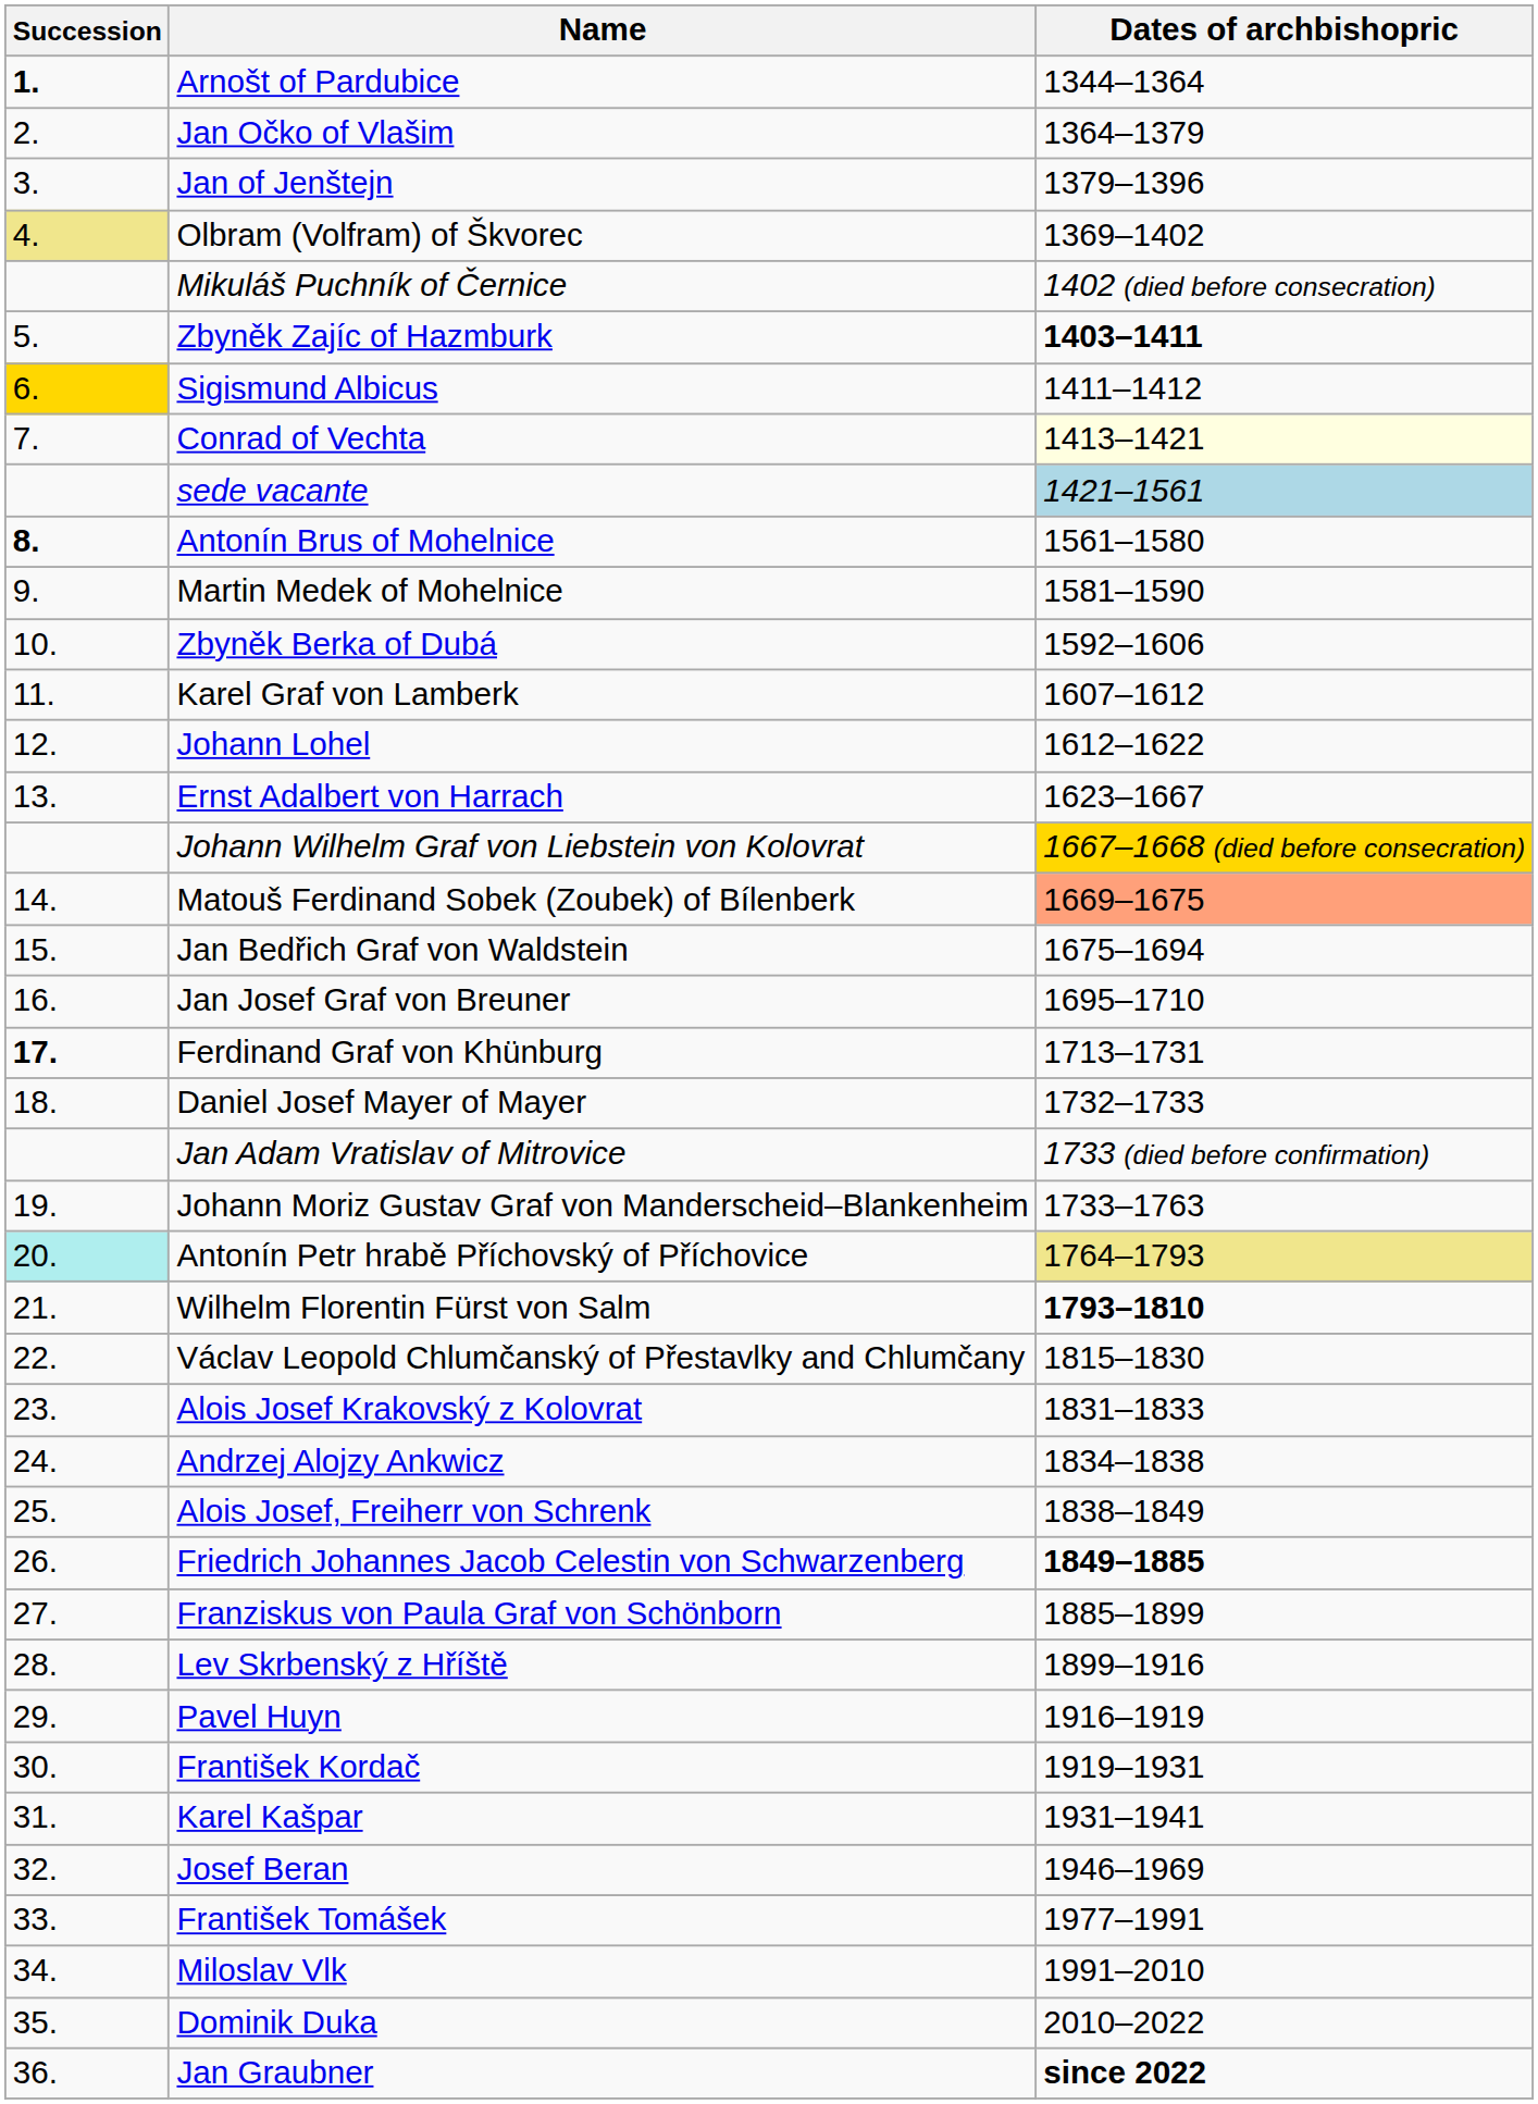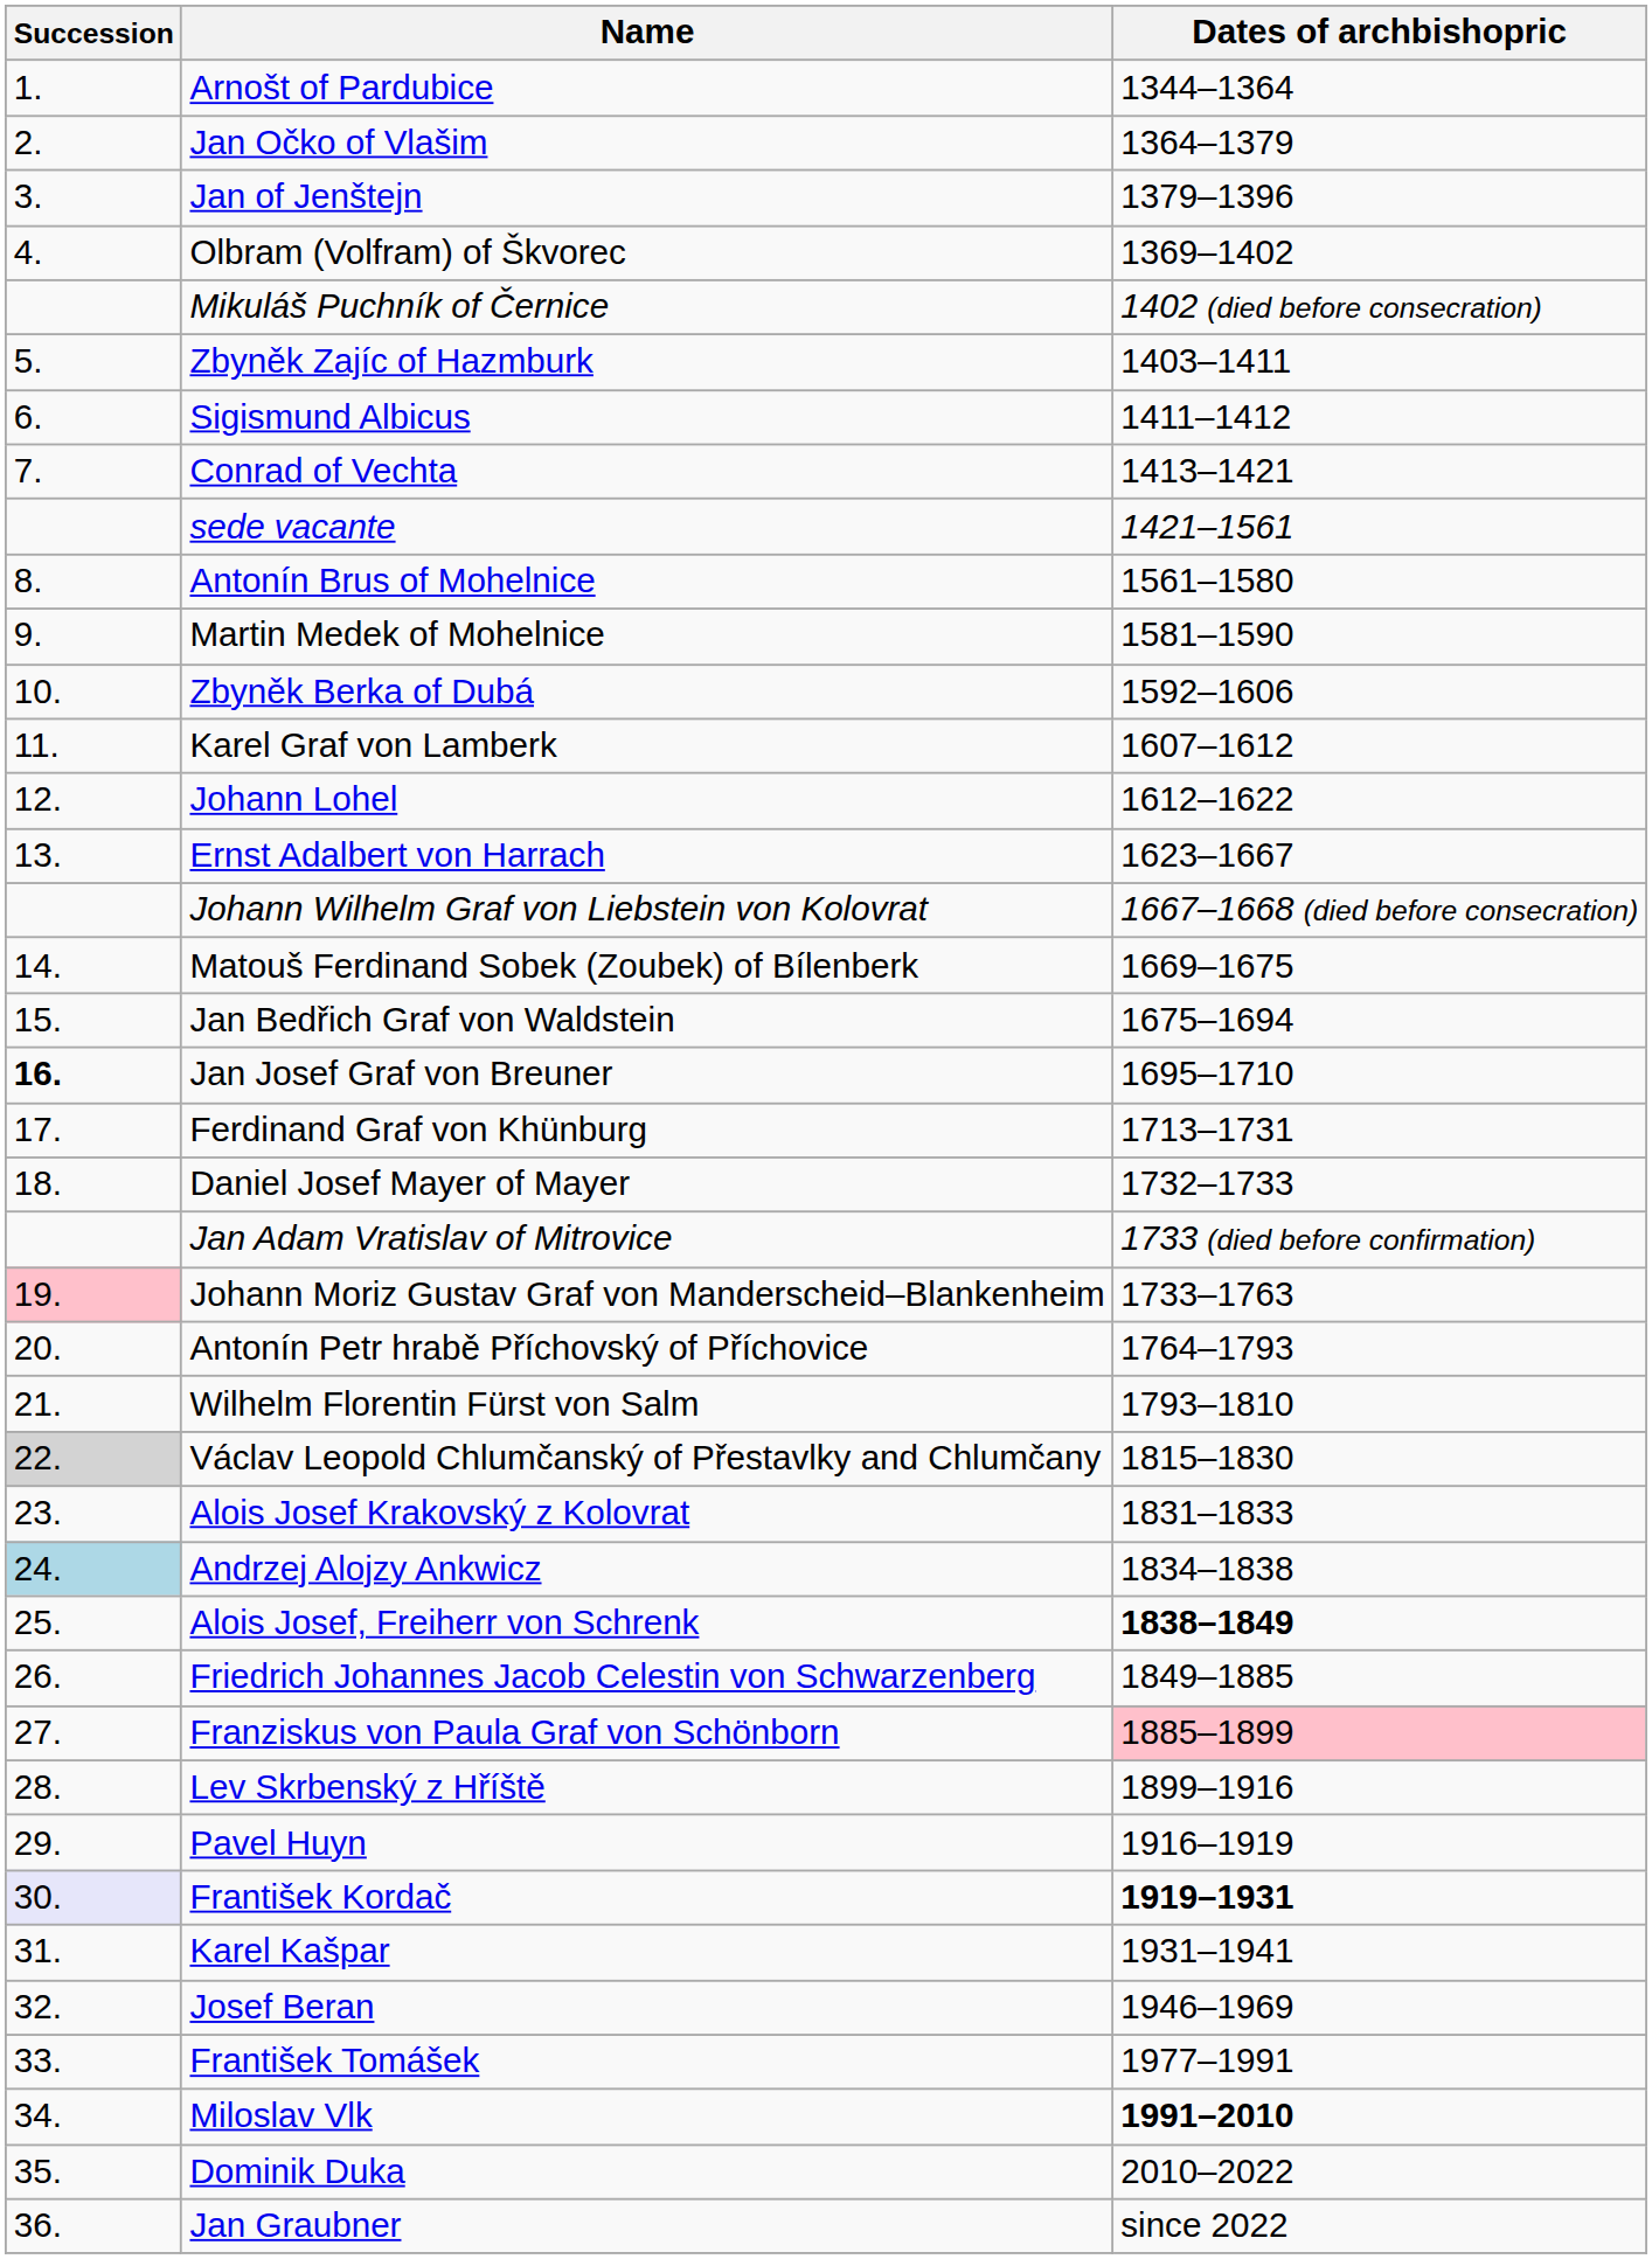 <table class="wikitable">
 <tr>
 <th><small>Succession</small></th>
 <th>Name</th>
 <th>Dates of archbishopric</th>
 </tr>
 <tr>
-<td><strong>1.</strong></td>
+<td>1.</td>
 <td><a href='#'>Arnošt of Pardubice</a></td>
 <td>1344–1364</td>
 </tr>
 <tr>
 <td>2.</td>
 <td><a href='#'>Jan Očko of Vlašim</a></td>
 <td>1364–1379</td>
 </tr>
 <tr>
 <td>3.</td>
 <td><a href='#'>Jan of Jenštejn</a></td>
 <td>1379–1396</td>
 </tr>
 <tr>
-<td style="background: khaki;">4.</td>
+<td>4.</td>
 <td>Olbram (Volfram) of Škvorec</td>
 <td>1369–1402</td>
 </tr>
 <tr style="font-style:italic;">
 <td></td>
 <td>Mikuláš Puchník of Černice</td>
 <td>1402 <small>(died before consecration)</small></td>
 </tr>
 <tr>
 <td>5.</td>
 <td><a href='#'>Zbyněk Zajíc of Hazmburk</a></td>
-<td><strong>1403–1411</strong></td>
+<td>1403–1411</td>
 </tr>
 <tr>
-<td style="background: gold;">6.</td>
+<td>6.</td>
 <td><a href='#'>Sigismund Albicus</a></td>
 <td>1411–1412</td>
 </tr>
 <tr>
 <td>7.</td>
 <td><a href='#'>Conrad of Vechta</a></td>
-<td style="background: lightyellow;">1413–1421</td>
+<td>1413–1421</td>
 </tr>
 <tr style="font-style:italic;">
 <td></td>
 <td><a href='#'>sede vacante</a></td>
-<td style="background: lightblue;">1421–1561</td>
+<td>1421–1561</td>
 </tr>
 <tr>
-<td><strong>8.</strong></td>
+<td>8.</td>
 <td><a href='#'>Antonín Brus of Mohelnice</a></td>
 <td>1561–1580</td>
 </tr>
 <tr>
 <td>9.</td>
 <td>Martin Medek of Mohelnice</td>
 <td>1581–1590</td>
 </tr>
 <tr>
 <td>10.</td>
 <td><a href='#'>Zbyněk Berka of Dubá</a></td>
 <td>1592–1606</td>
 </tr>
 <tr>
 <td>11.</td>
 <td>Karel Graf von Lamberk</td>
 <td>1607–1612</td>
 </tr>
 <tr>
 <td>12.</td>
 <td><a href='#'>Johann Lohel</a></td>
 <td>1612–1622</td>
 </tr>
 <tr>
 <td>13.</td>
 <td><a href='#'>Ernst Adalbert von Harrach</a></td>
 <td>1623–1667</td>
 </tr>
 <tr style="font-style:italic;">
 <td></td>
 <td>Johann Wilhelm Graf von Liebstein von Kolovrat</td>
-<td style="background: gold;">1667–1668 <small>(died before consecration)</small></td>
+<td>1667–1668 <small>(died before consecration)</small></td>
 </tr>
 <tr>
 <td>14.</td>
 <td>Matouš Ferdinand Sobek (Zoubek) of Bílenberk</td>
-<td style="background: lightsalmon;">1669–1675</td>
+<td>1669–1675</td>
 </tr>
 <tr>
 <td>15.</td>
 <td>Jan Bedřich Graf von Waldstein</td>
 <td>1675–1694</td>
 </tr>
 <tr>
-<td>16.</td>
+<td><strong>16.</strong></td>
 <td>Jan Josef Graf von Breuner</td>
 <td>1695–1710</td>
 </tr>
 <tr>
-<td><strong>17.</strong></td>
+<td>17.</td>
 <td>Ferdinand Graf von Khünburg</td>
 <td>1713–1731</td>
 </tr>
 <tr>
 <td>18.</td>
 <td>Daniel Josef Mayer of Mayer</td>
 <td>1732–1733</td>
 </tr>
 <tr style="font-style:italic;">
 <td></td>
 <td>Jan Adam Vratislav of Mitrovice</td>
 <td>1733 <small>(died before confirmation)</small></td>
 </tr>
 <tr>
-<td>19.</td>
+<td style="background: pink;">19.</td>
 <td>Johann Moriz Gustav Graf von Manderscheid–Blankenheim</td>
 <td>1733–1763</td>
 </tr>
 <tr>
-<td style="background: paleturquoise;">20.</td>
+<td>20.</td>
 <td>Antonín Petr hrabě Příchovský of Příchovice</td>
-<td style="background: khaki;">1764–1793</td>
+<td>1764–1793</td>
 </tr>
 <tr>
 <td>21.</td>
 <td>Wilhelm Florentin Fürst von Salm</td>
-<td><strong>1793–1810</strong></td>
+<td>1793–1810</td>
 </tr>
 <tr>
-<td>22.</td>
+<td style="background: lightgrey;">22.</td>
 <td>Václav Leopold Chlumčanský of Přestavlky and Chlumčany</td>
 <td>1815–1830</td>
 </tr>
 <tr>
 <td>23.</td>
 <td><a href='#'>Alois Josef Krakovský z Kolovrat</a></td>
 <td>1831–1833</td>
 </tr>
 <tr>
-<td>24.</td>
+<td style="background: lightblue;">24.</td>
 <td><a href='#'>Andrzej Alojzy Ankwicz</a></td>
 <td>1834–1838</td>
 </tr>
 <tr>
 <td>25.</td>
 <td><a href='#'>Alois Josef, Freiherr von Schrenk</a></td>
-<td>1838–1849</td>
+<td><strong>1838–1849</strong></td>
 </tr>
 <tr>
 <td>26.</td>
 <td><a href='#'>Friedrich Johannes Jacob Celestin von Schwarzenberg</a></td>
-<td><strong>1849–1885</strong></td>
+<td>1849–1885</td>
 </tr>
 <tr>
 <td>27.</td>
 <td><a href='#'>Franziskus von Paula Graf von Schönborn</a></td>
-<td>1885–1899</td>
+<td style="background: pink;">1885–1899</td>
 </tr>
 <tr>
 <td>28.</td>
 <td><a href='#'>Lev Skrbenský z Hříště</a></td>
 <td>1899–1916</td>
 </tr>
 <tr>
 <td>29.</td>
 <td><a href='#'>Pavel Huyn</a></td>
 <td>1916–1919</td>
 </tr>
 <tr>
-<td>30.</td>
+<td style="background: lavender;">30.</td>
 <td><a href='#'>František Kordač</a></td>
-<td>1919–1931</td>
+<td><strong>1919–1931</strong></td>
 </tr>
 <tr>
 <td>31.</td>
 <td><a href='#'>Karel Kašpar</a></td>
 <td>1931–1941</td>
 </tr>
 <tr>
 <td>32.</td>
 <td><a href='#'>Josef Beran</a></td>
 <td>1946–1969</td>
 </tr>
 <tr>
 <td>33.</td>
 <td><a href='#'>František Tomášek</a></td>
 <td>1977–1991</td>
 </tr>
 <tr>
 <td>34.</td>
 <td><a href='#'>Miloslav Vlk</a></td>
-<td>1991–2010</td>
+<td><strong>1991–2010</strong></td>
 </tr>
 <tr>
 <td>35.</td>
 <td><a href='#'>Dominik Duka</a></td>
 <td>2010–2022</td>
 </tr>
 <tr>
 <td>36.</td>
 <td><a href='#'>Jan Graubner</a></td>
-<td><strong>since 2022</strong></td>
+<td>since 2022</td>
 </tr>
 </table>
